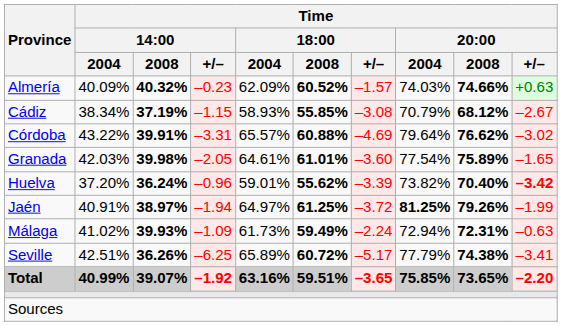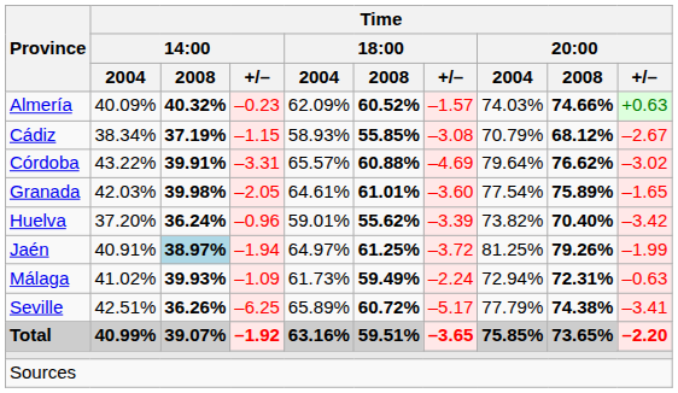 <table class="wikitable sortable" style="text-align:right;">
 <tr>
 <th rowspan="3">Province</th>
 <th colspan="10">Time</th>
 </tr>
 <tr>
 <th colspan="3">14:00</th>
 <th colspan="3">18:00</th>
 <th colspan="3">20:00</th>
 </tr>
 <tr>
 <th>2004</th>
 <th>2008</th>
 <th>+/–</th>
 <th>2004</th>
 <th>2008</th>
 <th>+/–</th>
 <th>2004</th>
 <th>2008</th>
 <th>+/–</th>
 </tr>
 <tr>
 <td align="left"><a href='#'>Almería</a></td>
 <td>40.09%</td>
 <td><strong>40.32%</strong></td>
 <td style="background:#FFE8E8; color:red;">–0.23</td>
 <td>62.09%</td>
 <td><strong>60.52%</strong></td>
 <td style="background:#FFE8E8; color:red;">–1.57</td>
 <td>74.03%</td>
 <td><strong>74.66%</strong></td>
 <td style="background:#DDFFDD; color:green;">+0.63</td>
 </tr>
 <tr>
 <td align="left"><a href='#'>Cádiz</a></td>
 <td>38.34%</td>
 <td><strong>37.19%</strong></td>
 <td style="background:#FFE8E8; color:red;">–1.15</td>
 <td>58.93%</td>
 <td><strong>55.85%</strong></td>
 <td style="background:#FFE8E8; color:red;">–3.08</td>
 <td>70.79%</td>
 <td><strong>68.12%</strong></td>
 <td style="background:#FFE8E8; color:red;">–2.67</td>
 </tr>
 <tr>
 <td align="left"><a href='#'>Córdoba</a></td>
 <td>43.22%</td>
 <td><strong>39.91%</strong></td>
 <td style="background:#FFE8E8; color:red;">–3.31</td>
 <td>65.57%</td>
 <td><strong>60.88%</strong></td>
 <td style="background:#FFE8E8; color:red;">–4.69</td>
 <td>79.64%</td>
 <td><strong>76.62%</strong></td>
 <td style="background:#FFE8E8; color:red;">–3.02</td>
 </tr>
 <tr>
 <td align="left"><a href='#'>Granada</a></td>
 <td>42.03%</td>
 <td><strong>39.98%</strong></td>
 <td style="background:#FFE8E8; color:red;">–2.05</td>
 <td>64.61%</td>
 <td><strong>61.01%</strong></td>
 <td style="background:#FFE8E8; color:red;">–3.60</td>
 <td>77.54%</td>
 <td><strong>75.89%</strong></td>
 <td style="background:#FFE8E8; color:red;">–1.65</td>
 </tr>
 <tr>
 <td align="left"><a href='#'>Huelva</a></td>
 <td>37.20%</td>
 <td><strong>36.24%</strong></td>
 <td style="background:#FFE8E8; color:red;">–0.96</td>
 <td>59.01%</td>
 <td><strong>55.62%</strong></td>
 <td style="background:#FFE8E8; color:red;">–3.39</td>
 <td>73.82%</td>
 <td><strong>70.40%</strong></td>
-<td style="background:#FFE8E8; color:red;"><strong>–3.42</strong></td>
+<td style="background:#FFE8E8; color:red;">–3.42</td>
 </tr>
 <tr>
 <td align="left"><a href='#'>Jaén</a></td>
 <td>40.91%</td>
-<td><strong>38.97%</strong></td>
+<td style="background: lightblue;"><strong>38.97%</strong></td>
 <td style="background:#FFE8E8; color:red;">–1.94</td>
 <td>64.97%</td>
 <td><strong>61.25%</strong></td>
 <td style="background:#FFE8E8; color:red;">–3.72</td>
-<td><strong>81.25%</strong></td>
+<td>81.25%</td>
 <td><strong>79.26%</strong></td>
 <td style="background:#FFE8E8; color:red;">–1.99</td>
 </tr>
 <tr>
 <td align="left"><a href='#'>Málaga</a></td>
 <td>41.02%</td>
 <td><strong>39.93%</strong></td>
 <td style="background:#FFE8E8; color:red;">–1.09</td>
 <td>61.73%</td>
 <td><strong>59.49%</strong></td>
 <td style="background:#FFE8E8; color:red;">–2.24</td>
 <td>72.94%</td>
 <td><strong>72.31%</strong></td>
 <td style="background:#FFE8E8; color:red;">–0.63</td>
 </tr>
 <tr>
 <td align="left"><a href='#'>Seville</a></td>
 <td>42.51%</td>
 <td><strong>36.26%</strong></td>
 <td style="background:#FFE8E8; color:red;">–6.25</td>
 <td>65.89%</td>
 <td><strong>60.72%</strong></td>
 <td style="background:#FFE8E8; color:red;">–5.17</td>
 <td>77.79%</td>
 <td><strong>74.38%</strong></td>
 <td style="background:#FFE8E8; color:red;">–3.41</td>
 </tr>
 <tr style="background:#CDCDCD;">
 <td align="left"><strong>Total</strong></td>
 <td><strong>40.99%</strong></td>
 <td><strong>39.07%</strong></td>
 <td style="background:#FFE8E8; color:red;"><strong>–1.92</strong></td>
 <td><strong>63.16%</strong></td>
 <td><strong>59.51%</strong></td>
 <td style="background:#FFE8E8; color:red;"><strong>–3.65</strong></td>
 <td><strong>75.85%</strong></td>
 <td><strong>73.65%</strong></td>
 <td style="background:#FFE8E8; color:red;"><strong>–2.20</strong></td>
 </tr>
 <tr>
 <td colspan="10" bgcolor="#E9E9E9"></td>
 </tr>
 <tr>
 <td align="left" colspan="10">Sources</td>
 </tr>
 </table>
